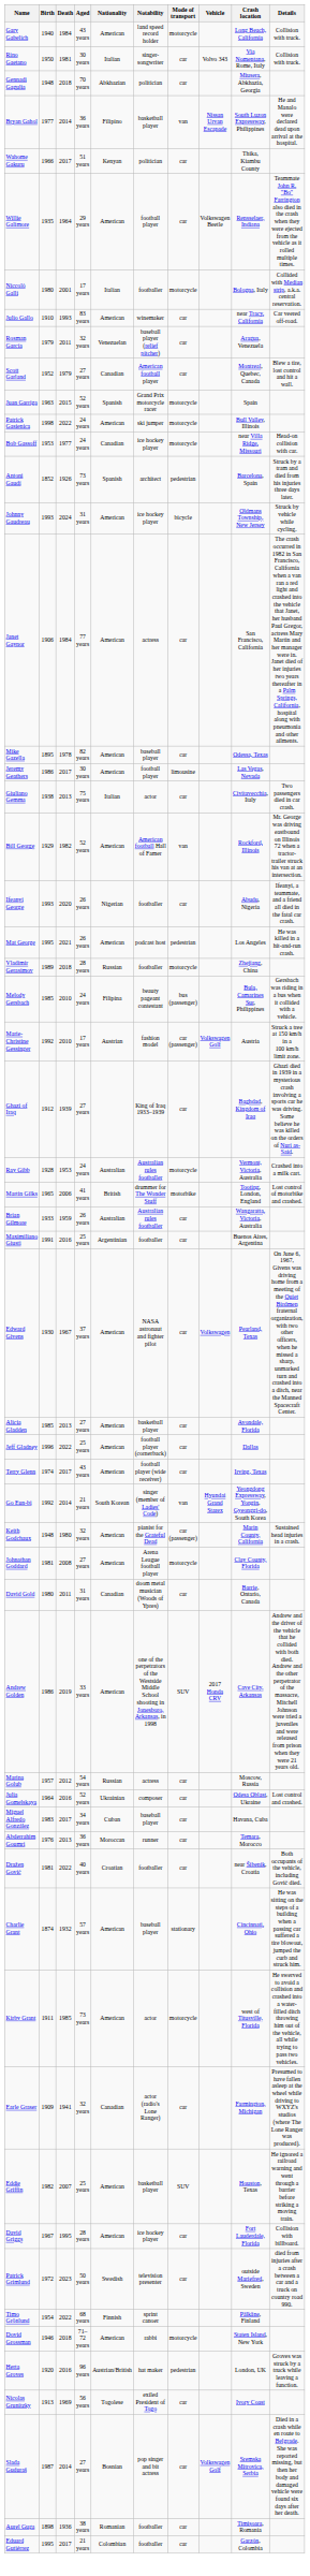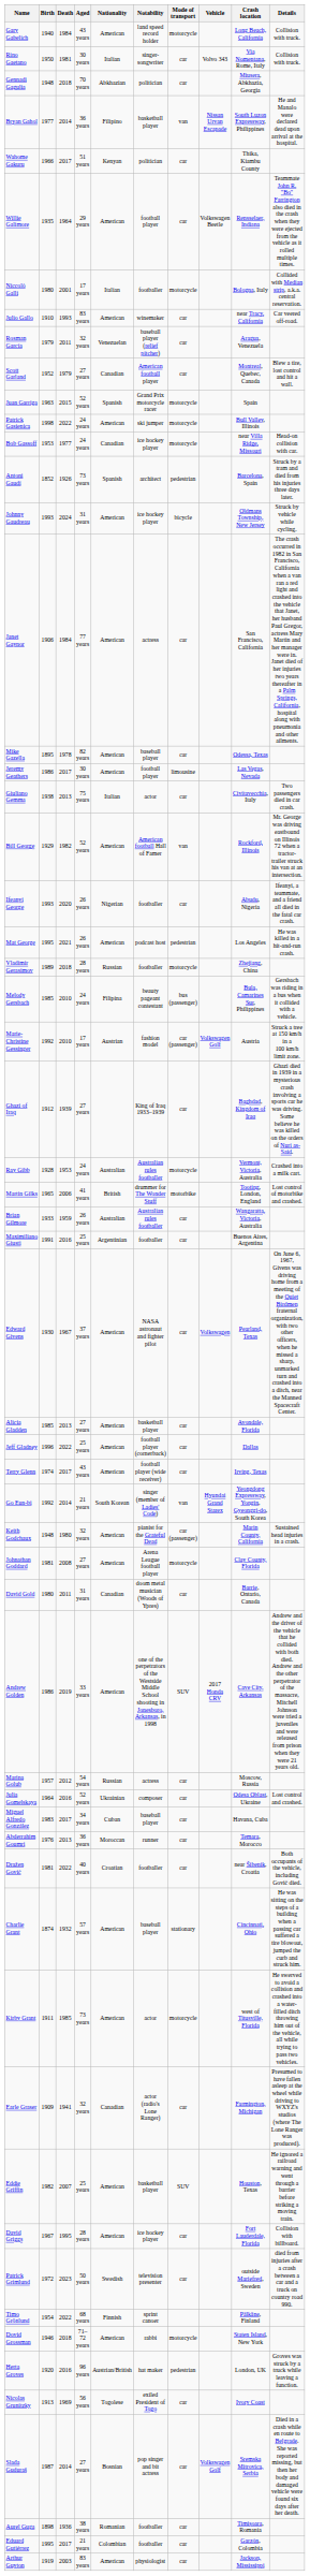 <table class="wikitable sortable" style="text-align:center; font-size:85%">
 <tr>
 <th>Name</th>
 <th>Birth</th>
 <th>Death</th>
 <th>Aged</th>
 <th>Nationality</th>
 <th>Notability</th>
 <th>Mode of transport</th>
 <th>Vehicle</th>
 <th>Crash location</th>
 <th>Details</th>
 </tr>
 <tr>
 <td align="left"><a href='#'>Gary Gabelich</a></td>
 <td>1940</td>
 <td>1984</td>
 <td>43 years</td>
 <td>American</td>
 <td>land speed record holder</td>
 <td>motorcycle</td>
 <td></td>
 <td><a href='#'>Long Beach, California</a></td>
 <td>Collision with truck.</td>
 </tr>
 <tr>
 <td align="left"><a href='#'>Rino Gaetano</a></td>
 <td>1950</td>
 <td>1981</td>
 <td>30 years</td>
 <td>Italian</td>
 <td>singer-songwriter</td>
 <td>car</td>
 <td>Volvo 343</td>
 <td><a href='#'>Via Nomentana</a>, Rome, Italy</td>
 <td>Collision with truck.</td>
 </tr>
 <tr>
 <td align="left"><a href='#'>Gennadi Gagulia</a></td>
 <td>1948</td>
 <td>2018</td>
 <td>70 years</td>
 <td>Abkhazian</td>
 <td>politician</td>
 <td>car</td>
 <td></td>
 <td><a href='#'>Miusera</a>, Abkhazia, Georgia</td>
 <td></td>
 </tr>
 <tr>
 <td align="left"><a href='#'>Bryan Gahol</a></td>
 <td>1977</td>
 <td>2014</td>
 <td>36 years</td>
 <td>Filipino</td>
 <td>basketball player</td>
 <td>van</td>
 <td><a href='#'>Nissan Urvan Escapade</a></td>
 <td><a href='#'>South Luzon Expressway</a>, Philippines</td>
 <td> He and Manalo were declared dead upon arrival at the hospital.</td>
 </tr>
 <tr>
 <td align="left"><a href='#'>Wahome Gakuru</a></td>
 <td>1966</td>
 <td>2017</td>
 <td>51 years</td>
 <td>Kenyan</td>
 <td>politician</td>
 <td>car</td>
 <td></td>
 <td>Thika, Kiambu County</td>
 <td></td>
 </tr>
 <tr>
 <td align="left"><a href='#'>Willie Galimore</a></td>
 <td>1935</td>
 <td>1964</td>
 <td>29 years</td>
 <td>American</td>
 <td>football player</td>
 <td>car</td>
 <td>Volkswagen Beetle</td>
 <td><a href='#'>Rensselaer, Indiana</a></td>
 <td>Teammate <a href='#'>John R. "Bo" Farrington</a> also died in the crash when they were ejected from the vehicle as it rolled multiple times.</td>
 </tr>
 <tr>
 <td align="left"><a href='#'>Niccolò Galli</a></td>
 <td>1980</td>
 <td>2001</td>
 <td>17 years</td>
 <td>Italian</td>
 <td>footballer</td>
 <td>motorcycle</td>
 <td></td>
 <td><a href='#'>Bologna</a>, Italy</td>
 <td>Collided with <a href='#'>Median strip</a>, a.k.a. central reservation.</td>
 </tr>
 <tr>
 <td align="left"><a href='#'>Julio Gallo</a></td>
 <td>1910</td>
 <td>1993</td>
 <td>83 years</td>
 <td>American</td>
 <td>winemaker</td>
 <td>car</td>
 <td></td>
 <td>near <a href='#'>Tracy, California</a></td>
 <td>Car veered off-road.</td>
 </tr>
 <tr>
 <td align="left"><a href='#'>Rosman García</a></td>
 <td>1979</td>
 <td>2011</td>
 <td>32 years</td>
 <td>Venezuelan</td>
 <td>baseball player (<a href='#'>relief pitcher</a>)</td>
 <td>car</td>
 <td></td>
 <td><a href='#'>Aragua</a>, Venezuela</td>
 <td></td>
 </tr>
 <tr>
 <td align="left"><a href='#'>Scott Garland</a></td>
 <td>1952</td>
 <td>1979</td>
 <td>27 years</td>
 <td>Canadian</td>
 <td><a href='#'>American football</a> player</td>
 <td>car</td>
 <td></td>
 <td><a href='#'>Montreal</a>, Quebec, Canada</td>
 <td>Blew a tire, lost control and hit a wall.</td>
 </tr>
 <tr>
 <td align="left"><a href='#'>Juan Garriga</a></td>
 <td>1963</td>
 <td>2015</td>
 <td>52 years</td>
 <td>Spanish</td>
 <td>Grand Prix motorcycle racer</td>
 <td>motorcycle</td>
 <td></td>
 <td>Spain</td>
 <td></td>
 </tr>
 <tr>
 <td align="left"><a href='#'>Patrick Gasienica</a></td>
 <td>1998</td>
 <td>2022</td>
 <td>24 years</td>
 <td>American</td>
 <td>ski jumper</td>
 <td>motorcycle</td>
 <td></td>
 <td><a href='#'>Bull Valley</a>, Illinois</td>
 <td></td>
 </tr>
 <tr>
 <td align="left"><a href='#'>Bob Gassoff</a></td>
 <td>1953</td>
 <td>1977</td>
 <td>24 years</td>
 <td>Canadian</td>
 <td>ice hockey player</td>
 <td>motorcycle</td>
 <td></td>
 <td>near <a href='#'>Villa Ridge, Missouri</a></td>
 <td>Head-on collision with car.</td>
 </tr>
 <tr>
 <td align="left"><a href='#'>Antoni Gaudí</a></td>
 <td>1852</td>
 <td>1926</td>
 <td>73 years</td>
 <td>Spanish</td>
 <td>architect</td>
 <td>pedestrian</td>
 <td></td>
 <td><a href='#'>Barcelona</a>, Spain</td>
 <td>Struck by a tram and died from his injuries three days later.</td>
 </tr>
 <tr>
 <td align="left"><a href='#'>Johnny Gaudreau</a></td>
 <td>1993</td>
 <td>2024</td>
 <td>31 years</td>
 <td>American</td>
 <td>ice hockey player</td>
 <td>bicycle</td>
 <td></td>
 <td><a href='#'>Oldmans Township, New Jersey</a></td>
 <td>Struck by vehicle while cycling.</td>
 </tr>
 <tr>
 <td align="left"><a href='#'>Janet Gaynor</a></td>
 <td>1906</td>
 <td>1984</td>
 <td>77 years</td>
 <td>American</td>
 <td>actress</td>
 <td>car</td>
 <td></td>
 <td>San Francisco, California</td>
 <td>The crash occurred in 1982 in San Francisco, California when a van ran a red light and crashed into the vehicle that Janet, her husband Paul Gregor, actress Mary Martin and her manager were in. Janet died of her injuries two years thereafter in a <a href='#'>Palm Springs, California</a>, hospital along with pneumonia and other ailments.</td>
 </tr>
 <tr>
 <td align="left"><a href='#'>Mike Gazella</a></td>
 <td>1895</td>
 <td>1978</td>
 <td>82 years</td>
 <td>American</td>
 <td>baseball player</td>
 <td>car</td>
 <td></td>
 <td><a href='#'>Odessa, Texas</a></td>
 <td></td>
 </tr>
 <tr>
 <td align="left"><a href='#'>Jeremy Geathers</a></td>
 <td>1986</td>
 <td>2017</td>
 <td>30 years</td>
 <td>American</td>
 <td>football player</td>
 <td>limousine</td>
 <td></td>
 <td><a href='#'>Las Vegas</a>, <a href='#'>Nevada</a></td>
 <td></td>
 </tr>
 <tr>
 <td align="left"><a href='#'>Giuliano Gemma</a></td>
 <td>1938</td>
 <td>2013</td>
 <td>75 years</td>
 <td>Italian</td>
 <td>actor</td>
 <td>car</td>
 <td></td>
 <td><a href='#'>Civitavecchia</a>, Italy</td>
 <td>Two passengers died in car crash.</td>
 </tr>
 <tr>
 <td align="left"><a href='#'>Bill George</a></td>
 <td>1929</td>
 <td>1982</td>
 <td>52 years</td>
 <td>American</td>
 <td><a href='#'>American football</a> Hall of Famer</td>
 <td>van</td>
 <td></td>
 <td><a href='#'>Rockford, Illinois</a></td>
 <td>Mr. George was driving eastbound on Illinois 72 when a tractor-trailer struck his van at an intersection.</td>
 </tr>
 <tr>
 <td align="left"><a href='#'>Ifeanyi George</a></td>
 <td>1993</td>
 <td>2020</td>
 <td>26 years</td>
 <td>Nigerian</td>
 <td>footballer</td>
 <td>car</td>
 <td></td>
 <td><a href='#'>Abudu</a>, Nigeria</td>
 <td>Ifeanyi, a teammate, and a friend all died in the fatal car crash.</td>
 </tr>
 <tr>
 <td align="left"><a href='#'>Mat George</a></td>
 <td>1995</td>
 <td>2021</td>
 <td>26 years</td>
 <td>American</td>
 <td>podcast host</td>
 <td>pedestrian</td>
 <td></td>
 <td>Los Angeles</td>
 <td>He was killed in a hit-and-run crash.</td>
 </tr>
 <tr>
 <td align="left"><a href='#'>Vladimir Gerasimov</a></td>
 <td>1989</td>
 <td>2018</td>
 <td>28 years</td>
 <td>Russian</td>
 <td>footballer</td>
 <td>motorcycle</td>
 <td></td>
 <td><a href='#'>Zhejiang</a>, China</td>
 <td></td>
 </tr>
 <tr>
 <td align="left"><a href='#'>Melody Gersbach</a></td>
 <td>1985</td>
 <td>2010</td>
 <td>24 years</td>
 <td>Filipina</td>
 <td>beauty pageant contestant</td>
 <td>bus (passenger)</td>
 <td></td>
 <td><a href='#'>Bula, Camarines Sur</a>, Philippines</td>
 <td>Gersbach was riding in a bus when it collided with a vehicle.</td>
 </tr>
 <tr>
 <td align="left"><a href='#'>Marie-Christine Gessinger</a></td>
 <td>1992</td>
 <td>2010</td>
 <td>17 years</td>
 <td>Austrian</td>
 <td>fashion model</td>
 <td>car (passenger)</td>
 <td><a href='#'>Volkswagen Golf</a></td>
 <td>Austria</td>
 <td>Struck a tree at 150 km/h in a 100 km/h limit zone.</td>
 </tr>
 <tr>
 <td align="left"><a href='#'>Ghazi of Iraq</a></td>
 <td>1912</td>
 <td>1939</td>
 <td>27 years</td>
 <td></td>
 <td>King of Iraq 1933–1939</td>
 <td>car</td>
 <td></td>
 <td><a href='#'>Baghdad</a>, <a href='#'>Kingdom of Iraq</a></td>
 <td>Ghazi died in 1939 in a mysterious crash involving a sports car he was driving. Some believe he was killed on the orders of <a href='#'>Nuri as-Said</a>.</td>
 </tr>
 <tr>
 <td align="left"><a href='#'>Ray Gibb</a></td>
 <td>1928</td>
 <td>1953</td>
 <td>24 years</td>
 <td>Australian</td>
 <td><a href='#'>Australian rules footballer</a></td>
 <td>motorcycle</td>
 <td></td>
 <td><a href='#'>Vermont, Victoria</a>, Australia</td>
 <td>Crashed into a milk cart.</td>
 </tr>
 <tr>
 <td align="left"><a href='#'>Martin Gilks</a></td>
 <td>1965</td>
 <td>2006</td>
 <td>41 years</td>
 <td>British</td>
 <td>drummer for <a href='#'>The Wonder Stuff</a></td>
 <td>motorbike</td>
 <td></td>
 <td><a href='#'>Tooting</a>, London, England</td>
 <td>Lost control of motorbike and crashed.</td>
 </tr>
 <tr>
 <td align="left"><a href='#'>Brian Gilmore</a></td>
 <td>1933</td>
 <td>1959</td>
 <td>26 years</td>
 <td>Australian</td>
 <td><a href='#'>Australian rules footballer</a></td>
 <td>car</td>
 <td></td>
 <td><a href='#'>Wangaratta, Victoria</a>, Australia</td>
 <td></td>
 </tr>
 <tr>
 <td align="left"><a href='#'>Maximiliano Giusti</a></td>
 <td>1991</td>
 <td>2016</td>
 <td>25 years</td>
 <td>Argentinian</td>
 <td>footballer</td>
 <td>car</td>
 <td></td>
 <td>Buenos Aires, Argentina</td>
 <td></td>
 </tr>
 <tr>
 <td align="left"><a href='#'>Edward Givens</a></td>
 <td>1930</td>
 <td>1967</td>
 <td>37 years</td>
 <td>American</td>
 <td>NASA astronaut and fighter pilot</td>
 <td>car</td>
 <td><a href='#'>Volkswagen</a></td>
 <td><a href='#'>Pearland, Texas</a></td>
 <td>On June 6, 1967, Givens was driving home from a meeting of the <a href='#'>Quiet Birdmen</a> fraternal organization, with two other officers, when he missed a sharp, unmarked turn and crashed into a ditch, near the Manned Spacecraft Center.</td>
 </tr>
 <tr>
 <td align="left"><a href='#'>Alicia Gladden</a></td>
 <td>1985</td>
 <td>2013</td>
 <td>27 years</td>
 <td>American</td>
 <td>basketball player</td>
 <td>car</td>
 <td></td>
 <td><a href='#'>Avondale, Florida</a></td>
 <td></td>
 </tr>
 <tr>
 <td align="left"><a href='#'>Jeff Gladney</a></td>
 <td>1996</td>
 <td>2022</td>
 <td>25 years</td>
 <td>American</td>
 <td>football player (cornerback)</td>
 <td>car</td>
 <td></td>
 <td><a href='#'>Dallas</a></td>
 <td></td>
 </tr>
 <tr>
 <td align="left"><a href='#'>Terry Glenn</a></td>
 <td>1974</td>
 <td>2017</td>
 <td>43 years</td>
 <td>American</td>
 <td>football player (wide receiver)</td>
 <td>car</td>
 <td></td>
 <td><a href='#'>Irving, Texas</a></td>
 <td></td>
 </tr>
 <tr>
 <td align="left"><a href='#'>Go Eun-bi</a></td>
 <td>1992</td>
 <td>2014</td>
 <td>21 years</td>
 <td>South Korean</td>
 <td>singer (member of <a href='#'>Ladies' Code</a>)</td>
 <td>van</td>
 <td><a href='#'>Hyundai Grand Starex</a></td>
 <td><a href='#'>Yeongdong Expressway</a>, <a href='#'>Yongin</a>, <a href='#'>Gyeonggi-do</a>, South Korea</td>
 <td></td>
 </tr>
 <tr>
 <td align="left"><a href='#'>Keith Godchaux</a></td>
 <td>1948</td>
 <td>1980</td>
 <td>32 years</td>
 <td>American</td>
 <td>pianist for the <a href='#'>Grateful Dead</a></td>
 <td>car (passenger)</td>
 <td></td>
 <td><a href='#'>Marin County, California</a></td>
 <td>Sustained head injuries in a crash.</td>
 </tr>
 <tr>
 <td align="left"><a href='#'>Johnathan Goddard</a></td>
 <td>1981</td>
 <td>2008</td>
 <td>27 years</td>
 <td>American</td>
 <td>Arena League football player</td>
 <td>motorcycle</td>
 <td></td>
 <td><a href='#'>Clay County, Florida</a></td>
 <td></td>
 </tr>
 <tr>
 <td align="left"><a href='#'>David Gold</a></td>
 <td>1980</td>
 <td>2011</td>
 <td>31 years</td>
 <td>Canadian</td>
 <td>doom metal musician (Woods of Ypres)</td>
 <td>car</td>
 <td></td>
 <td><a href='#'>Barrie</a>, Ontario, Canada</td>
 <td></td>
 </tr>
 <tr>
 <td align="left"><a href='#'>Andrew Golden</a></td>
 <td>1986</td>
 <td>2019</td>
 <td>33 years</td>
 <td>American</td>
 <td>one of the perpetrators of the Westside Middle School shooting in <a href='#'>Jonesboro, Arkansas</a>, in 1998</td>
 <td>SUV</td>
 <td>2017 <a href='#'>Honda CRV</a></td>
 <td><a href='#'>Cave City, Arkansas</a></td>
 <td>Andrew and the driver of the vehicle that he collided with both died. Andrew and the other perpetrator of the massacre, Mitchell Johnson were tried a juveniles and were released from prison when they were 21 years old.</td>
 </tr>
 <tr>
 <td align="left"><a href='#'>Marina Golub</a></td>
 <td>1957</td>
 <td>2012</td>
 <td>54 years</td>
 <td>Russian</td>
 <td>actress</td>
 <td>car</td>
 <td></td>
 <td>Moscow, Russia</td>
 <td></td>
 </tr>
 <tr>
 <td align="left"><a href='#'>Julia Gomelskaya</a></td>
 <td>1964</td>
 <td>2016</td>
 <td>52 years</td>
 <td>Ukrainian</td>
 <td>composer</td>
 <td>car</td>
 <td></td>
 <td><a href='#'>Odesa Oblast</a>, Ukraine</td>
 <td>Lost control and crashed.</td>
 </tr>
 <tr>
 <td align="left"><a href='#'>Miguel Alfredo González</a></td>
 <td>1983</td>
 <td>2017</td>
 <td>34 years</td>
 <td>Cuban</td>
 <td>baseball player</td>
 <td>car</td>
 <td></td>
 <td>Havana, Cuba</td>
 <td></td>
 </tr>
 <tr>
 <td align="left"><a href='#'>Abderrahim Goumri</a></td>
 <td>1976</td>
 <td>2013</td>
 <td>36 years</td>
 <td>Moroccan</td>
 <td>runner</td>
 <td>car</td>
 <td></td>
 <td><a href='#'>Temara</a>, Morocco</td>
 <td></td>
 </tr>
 <tr>
 <td align="left"><a href='#'>Dražen Gović</a></td>
 <td>1981</td>
 <td>2022</td>
 <td>40 years</td>
 <td>Croatian</td>
 <td>footballer</td>
 <td>car</td>
 <td></td>
 <td>near <a href='#'>Šibenik</a>, Croatia</td>
 <td>Both occupants of the vehicle, including Gović died.</td>
 </tr>
 <tr>
 <td align="left"><a href='#'>Charlie Grant</a></td>
 <td>1874</td>
 <td>1932</td>
 <td>57 years</td>
 <td>American</td>
 <td>baseball player</td>
 <td>stationary</td>
 <td></td>
 <td><a href='#'>Cincinnati, Ohio</a></td>
 <td>He was sitting on the steps of a building when a passing car suffered a tire blowout, jumped the curb and struck him.</td>
 </tr>
 <tr>
 <td align="left"><a href='#'>Kirby Grant</a></td>
 <td>1911</td>
 <td>1985</td>
 <td>73 years</td>
 <td>American</td>
 <td>actor</td>
 <td>motorcycle</td>
 <td></td>
 <td>west of <a href='#'>Titusville, Florida</a></td>
 <td>He swerved to avoid a collision and crashed into a water-filled ditch throwing him out of the vehicle, all while trying to pass two vehicles.</td>
 </tr>
 <tr>
 <td align="left"><a href='#'>Earle Graser</a></td>
 <td>1909</td>
 <td>1941</td>
 <td>32 years</td>
 <td>Canadian</td>
 <td>actor (radio's Lone Ranger)</td>
 <td>car</td>
 <td></td>
 <td><a href='#'>Farmington, Michigan</a></td>
 <td>Presumed to have fallen asleep at the wheel while driving to WXYZ's studios (where The Lone Ranger was produced).</td>
 </tr>
 <tr>
 <td align="left"><a href='#'>Eddie Griffin</a></td>
 <td>1982</td>
 <td>2007</td>
 <td>25 years</td>
 <td>American</td>
 <td>basketball player</td>
 <td>SUV</td>
 <td></td>
 <td><a href='#'>Houston</a>, Texas</td>
 <td>He ignored a railroad warning and went through a barrier before striking a moving train.</td>
 </tr>
 <tr>
 <td align="left"><a href='#'>David Griggs</a></td>
 <td>1967</td>
 <td>1995</td>
 <td>28 years</td>
 <td>American</td>
 <td>ice hockey player</td>
 <td>car</td>
 <td></td>
 <td><a href='#'>Fort Lauderdale, Florida</a></td>
 <td>Collision with billboard.</td>
 </tr>
 <tr>
 <td align="left"><a href='#'>Patrick Grimlund</a></td>
 <td>1972</td>
 <td>2023</td>
 <td>50 years</td>
 <td>Swedish</td>
 <td>television presenter</td>
 <td>car</td>
 <td></td>
 <td>outside <a href='#'>Mariefred</a>, Sweden</td>
 <td>died from injuries after a crash between a car and a truck on country road 990.</td>
 </tr>
 <tr>
 <td align="left"><a href='#'>Timo Grönlund</a></td>
 <td>1954</td>
 <td>2022</td>
 <td>68 years</td>
 <td>Finnish</td>
 <td>sprint canoer</td>
 <td></td>
 <td></td>
 <td><a href='#'>Pälkäne</a>, Finland</td>
 <td></td>
 </tr>
 <tr>
 <td align="left"><a href='#'>Dovid Grossman</a></td>
 <td>1946</td>
 <td>2018</td>
 <td>71–72 years</td>
 <td>American</td>
 <td>rabbi</td>
 <td>motorcycle</td>
 <td></td>
 <td><a href='#'>Staten Island</a>, New York</td>
 <td></td>
 </tr>
 <tr>
 <td align="left"><a href='#'>Herta Groves</a></td>
 <td>1920</td>
 <td>2016</td>
 <td>96 years</td>
 <td>Austrian/British</td>
 <td>hat maker</td>
 <td>pedestrian</td>
 <td></td>
 <td>London, UK</td>
 <td>Groves was struck by a truck while leaving a function.</td>
 </tr>
 <tr>
 <td align="left"><a href='#'>Nicolas Grunitzky</a></td>
 <td>1913</td>
 <td>1969</td>
 <td>56 years</td>
 <td>Togolese</td>
 <td>exiled President of <a href='#'>Togo</a></td>
 <td>car</td>
 <td></td>
 <td><a href='#'>Ivory Coast</a></td>
 <td></td>
 </tr>
 <tr>
 <td align="left"><a href='#'>Slađa Guduraš</a></td>
 <td>1987</td>
 <td>2014</td>
 <td>27 years</td>
 <td>Bosnian</td>
 <td>pop singer and bit actress</td>
 <td>car</td>
 <td><a href='#'>Volkswagen Golf</a></td>
 <td><a href='#'>Sremska Mitrovica, Serbia</a></td>
 <td>Died in a crash while en route to <a href='#'>Belgrade</a>. She was reported missing, but then her body and damaged vehicle were found six days after her death.</td>
 </tr>
 <tr>
 <td align="left"><a href='#'>Aurel Guga</a></td>
 <td>1898</td>
 <td>1936</td>
 <td>38 years</td>
 <td>Romanian</td>
 <td>footballer</td>
 <td>car</td>
 <td></td>
 <td><a href='#'>Timișoara</a>, Romania</td>
 <td></td>
 </tr>
 <tr>
 <td align="left"><a href='#'>Eduard Gutiérrez</a></td>
 <td>1995</td>
 <td>2017</td>
 <td>21 years</td>
 <td>Colombian</td>
 <td>footballer</td>
 <td>car</td>
 <td></td>
 <td><a href='#'>Garzón</a>, Colombia</td>
 <td></td>
 </tr>
+<tr>
+<td align="left"><a href='#'>Arthur Guyton</a></td>
+<td>1919</td>
+<td>2003</td>
+<td>83 years</td>
+<td>American</td>
+<td>physiologist</td>
+<td>car</td>
+<td></td>
+<td><a href='#'>Jackson, Mississippi</a></td>
+<td></td>
+</tr>
 </table>
